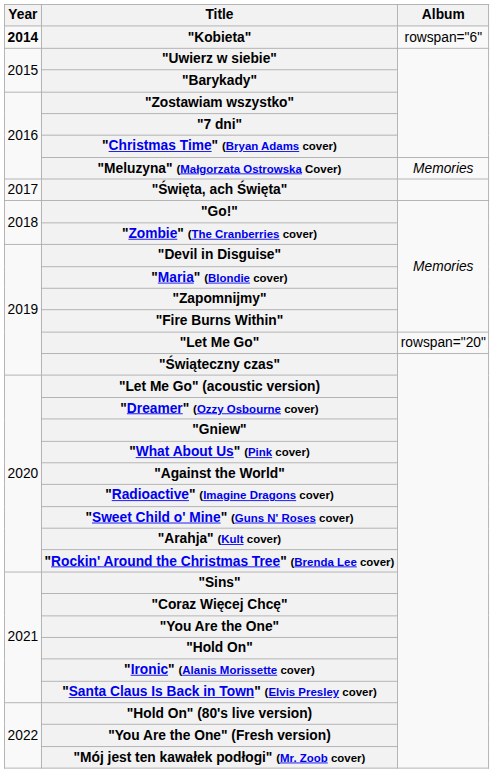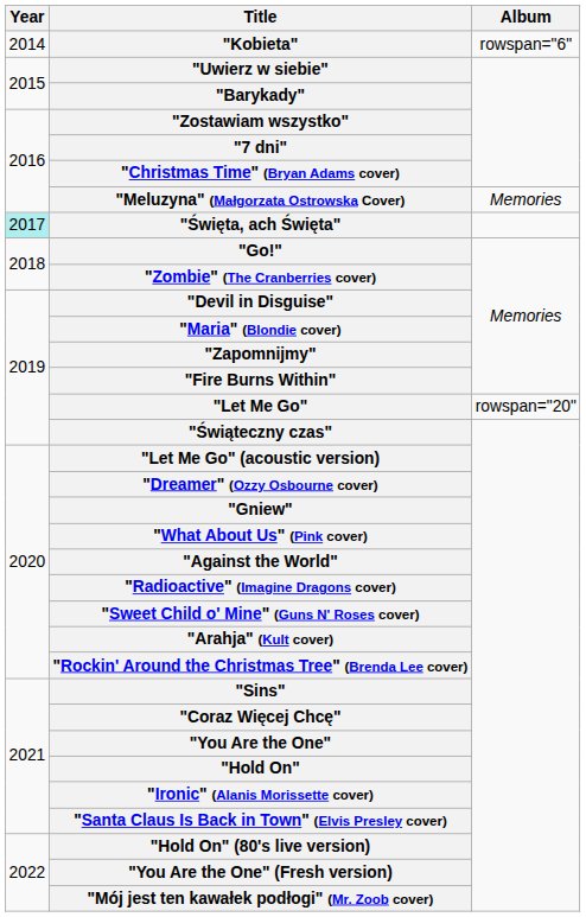 <table class="wikitable plainrowheaders" style="text-align:center;">
 <tr>
 <th>Year</th>
 <th>Title</th>
 <th>Album</th>
 </tr>
 <tr>
-<td><strong>2014</strong></td>
+<td>2014</td>
 <th scope="row">"Kobieta"</th>
 <td>rowspan="6" </td>
 </tr>
 <tr>
 <td rowspan="2">2015</td>
 <th scope="row">"Uwierz w siebie"</th>
 </tr>
 <tr>
 <th scope="row">"Barykady"</th>
 </tr>
 <tr>
 <td rowspan="4">2016</td>
 <th scope="row">"Zostawiam wszystko"</th>
 </tr>
 <tr>
 <th scope="row">"7 dni"</th>
 </tr>
 <tr>
 <th scope="row">"<a href='#'>Christmas Time</a>" <small>(<a href='#'>Bryan Adams</a> cover)</small></th>
 </tr>
 <tr>
 <th scope="row">"Meluzyna" <small>(<a href='#'>Małgorzata Ostrowska</a> Cover)</small></th>
 <td><em>Memories</em></td>
 </tr>
 <tr>
-<td>2017</td>
+<td style="background: paleturquoise;">2017</td>
 <th scope="row">"Święta, ach Święta"</th>
 <td></td>
 </tr>
 <tr>
 <td rowspan="2">2018</td>
 <th scope="row">"Go!"</th>
 <td rowspan="6"><em>Memories</em></td>
 </tr>
 <tr>
 <th scope="row">"<a href='#'>Zombie</a>" <small>(<a href='#'>The Cranberries</a> cover)</small></th>
 </tr>
 <tr>
 <td rowspan="6">2019</td>
 <th scope="row">"Devil in Disguise"</th>
 </tr>
 <tr>
 <th scope="row">"<a href='#'>Maria</a>" <small>(<a href='#'>Blondie</a> cover)</small></th>
 </tr>
 <tr>
 <th scope="row">"Zapomnijmy"</th>
 </tr>
 <tr>
 <th scope="row">"Fire Burns Within"</th>
 </tr>
 <tr>
 <th scope="row">"Let Me Go"</th>
 <td>rowspan="20" </td>
 </tr>
 <tr>
 <th scope="row">"Świąteczny czas"</th>
 </tr>
 <tr>
 <td rowspan="9">2020</td>
 <th scope="row">"Let Me Go" (acoustic version)</th>
 </tr>
 <tr>
 <th scope="row">"<a href='#'>Dreamer</a>" <small>(<a href='#'>Ozzy Osbourne</a> cover)</small></th>
 </tr>
 <tr>
 <th scope="row">"Gniew"</th>
 </tr>
 <tr>
 <th scope="row">"<a href='#'>What About Us</a>" <small>(<a href='#'>Pink</a> cover)</small></th>
 </tr>
 <tr>
 <th scope="row">"Against the World"</th>
 </tr>
 <tr>
 <th scope="row">"<a href='#'>Radioactive</a>" <small>(<a href='#'>Imagine Dragons</a> cover)</small></th>
 </tr>
 <tr>
 <th scope="row">"<a href='#'>Sweet Child o' Mine</a>" <small>(<a href='#'>Guns N' Roses</a> cover)</small></th>
 </tr>
 <tr>
 <th scope="row">"Arahja" <small>(<a href='#'>Kult</a> cover)</small></th>
 </tr>
 <tr>
 <th scope="row">"<a href='#'>Rockin' Around the Christmas Tree</a>" <small>(<a href='#'>Brenda Lee</a> cover)</small></th>
 </tr>
 <tr>
 <td rowspan="6">2021</td>
 <th scope="row">"Sins"</th>
 </tr>
 <tr>
 <th scope="row">"Coraz Więcej Chcę"</th>
 </tr>
 <tr>
 <th scope="row">"You Are the One"</th>
 </tr>
 <tr>
 <th scope="row">"Hold On"</th>
 </tr>
 <tr>
 <th scope="row">"<a href='#'>Ironic</a>" <small>(<a href='#'>Alanis Morissette</a> cover)</small></th>
 </tr>
 <tr>
 <th scope="row">"<a href='#'>Santa Claus Is Back in Town</a>" <small>(<a href='#'>Elvis Presley</a> cover)</small></th>
 </tr>
 <tr>
 <td rowspan="3">2022</td>
 <th scope="row">"Hold On" (80's live version)</th>
 </tr>
 <tr>
 <th scope="row">"You Are the One" (Fresh version)</th>
 </tr>
 <tr>
 <th scope="row">"Mój jest ten kawałek podłogi" <small>(<a href='#'>Mr. Zoob</a> cover)</small></th>
 </tr>
 </table>
